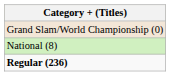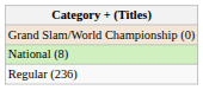 <table class="wikitable" style="display:inline-table;">
 <tr style="background:#ffc;">
 <th>Category + (Titles)</th>
 </tr>
 <tr style="background:#f3e6d7">
 <td>Grand Slam/World Championship (0)</td>
 </tr>
 <tr style="background:#d0f0c0">
 <td>National (8)</td>
 </tr>
 <tr>
-<td><strong>Regular (236)</strong></td>
+<td>Regular (236)</td>
 </tr>
 </table>
